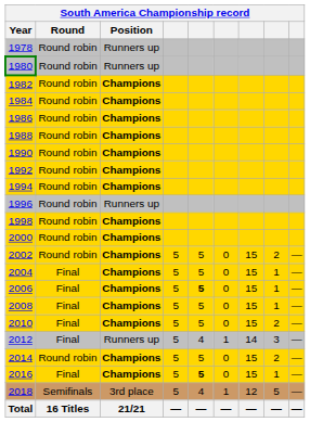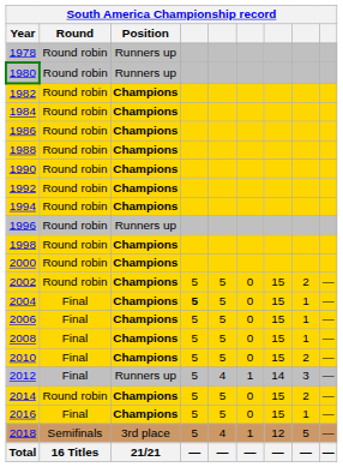 <table class="wikitable" style="text-align: center;">
 <tr>
 <th colspan=9><strong><a href='#'>South America Championship record</a></strong></th>
 </tr>
 <tr>
 <th><strong>Year</strong></th>
 <th><strong>Round</strong></th>
 <th><strong>Position</strong></th>
 <th width=30><strong></strong></th>
 <th width=30><strong></strong></th>
 <th width=30><strong></strong></th>
 <th width=30><strong></strong></th>
 <th width=30><strong></strong></th>
 <th><strong></strong></th>
 </tr>
 <tr bgcolor=silver>
 <td> <a href='#'>1978</a></td>
 <td>Round robin</td>
 <td>Runners up</td>
 <td></td>
 <td></td>
 <td></td>
 <td></td>
 <td></td>
 <td></td>
 </tr>
 <tr bgcolor=silver>
 <td Style="border:3px solid green"> <a href='#'>1980</a></td>
 <td>Round robin</td>
 <td>Runners up</td>
 <td></td>
 <td></td>
 <td></td>
 <td></td>
 <td></td>
 <td></td>
 </tr>
 <tr bgcolor=gold>
 <td> <a href='#'>1982</a></td>
 <td>Round robin</td>
 <td><strong>Champions</strong></td>
 <td></td>
 <td></td>
 <td></td>
 <td></td>
 <td></td>
 <td></td>
 </tr>
 <tr bgcolor=gold>
 <td> <a href='#'>1984</a></td>
 <td>Round robin</td>
 <td><strong>Champions</strong></td>
 <td></td>
 <td></td>
 <td></td>
 <td></td>
 <td></td>
 <td></td>
 </tr>
 <tr bgcolor=gold>
 <td> <a href='#'>1986</a></td>
 <td>Round robin</td>
 <td><strong>Champions</strong></td>
 <td></td>
 <td></td>
 <td></td>
 <td></td>
 <td></td>
 <td></td>
 </tr>
 <tr bgcolor=gold>
 <td> <a href='#'>1988</a></td>
 <td>Round robin</td>
 <td><strong>Champions</strong></td>
 <td></td>
 <td></td>
 <td></td>
 <td></td>
 <td></td>
 <td></td>
 </tr>
 <tr bgcolor=gold>
 <td> <a href='#'>1990</a></td>
 <td>Round robin</td>
 <td><strong>Champions</strong></td>
 <td></td>
 <td></td>
 <td></td>
 <td></td>
 <td></td>
 <td></td>
 </tr>
 <tr bgcolor=gold>
 <td> <a href='#'>1992</a></td>
 <td>Round robin</td>
 <td><strong>Champions</strong></td>
 <td></td>
 <td></td>
 <td></td>
 <td></td>
 <td></td>
 <td></td>
 </tr>
 <tr bgcolor=gold>
 <td> <a href='#'>1994</a></td>
 <td>Round robin</td>
 <td><strong>Champions</strong></td>
 <td></td>
 <td></td>
 <td></td>
 <td></td>
 <td></td>
 <td></td>
 </tr>
 <tr bgcolor=silver>
 <td> <a href='#'>1996</a></td>
 <td>Round robin</td>
 <td>Runners up</td>
 <td></td>
 <td></td>
 <td></td>
 <td></td>
 <td></td>
 <td></td>
 </tr>
 <tr bgcolor=gold>
 <td> <a href='#'>1998</a></td>
 <td>Round robin</td>
 <td><strong>Champions</strong></td>
 <td></td>
 <td></td>
 <td></td>
 <td></td>
 <td></td>
 <td></td>
 </tr>
 <tr bgcolor=gold>
 <td> <a href='#'>2000</a></td>
 <td>Round robin</td>
 <td><strong>Champions</strong></td>
 <td></td>
 <td></td>
 <td></td>
 <td></td>
 <td></td>
 <td></td>
 </tr>
 <tr bgcolor=gold>
 <td> <a href='#'>2002</a></td>
 <td>Round robin</td>
 <td><strong>Champions</strong></td>
 <td>5</td>
 <td>5</td>
 <td>0</td>
 <td>15</td>
 <td>2</td>
 <td>—</td>
 </tr>
 <tr bgcolor=gold>
 <td> <a href='#'>2004</a></td>
 <td>Final</td>
 <td><strong>Champions</strong></td>
-<td>5</td>
+<td><strong>5</strong></td>
 <td>5</td>
 <td>0</td>
 <td>15</td>
 <td>1</td>
 <td>—</td>
 </tr>
 <tr bgcolor=gold>
 <td> <a href='#'>2006</a></td>
 <td>Final</td>
 <td><strong>Champions</strong></td>
 <td>5</td>
-<td><strong>5</strong></td>
+<td>5</td>
 <td>0</td>
 <td>15</td>
 <td>1</td>
 <td>—</td>
 </tr>
 <tr bgcolor=gold>
 <td> <a href='#'>2008</a></td>
 <td>Final</td>
 <td><strong>Champions</strong></td>
 <td>5</td>
 <td>5</td>
 <td>0</td>
 <td>15</td>
 <td>1</td>
 <td>—</td>
 </tr>
 <tr bgcolor=gold>
 <td> <a href='#'>2010</a></td>
 <td>Final</td>
 <td><strong>Champions</strong></td>
 <td>5</td>
 <td>5</td>
 <td>0</td>
 <td>15</td>
 <td>2</td>
 <td>—</td>
 </tr>
 <tr bgcolor=silver>
 <td> <a href='#'>2012</a></td>
 <td>Final</td>
 <td>Runners up</td>
 <td>5</td>
 <td>4</td>
 <td>1</td>
 <td>14</td>
 <td>3</td>
 <td>—</td>
 </tr>
 <tr bgcolor=gold>
 <td> <a href='#'>2014</a></td>
 <td>Round robin</td>
 <td><strong>Champions</strong></td>
 <td>5</td>
 <td>5</td>
 <td>0</td>
 <td>15</td>
 <td>2</td>
 <td>—</td>
 </tr>
 <tr bgcolor=gold>
 <td> <a href='#'>2016</a></td>
 <td>Final</td>
 <td><strong>Champions</strong></td>
 <td>5</td>
-<td><strong>5</strong></td>
+<td>5</td>
 <td>0</td>
 <td>15</td>
 <td>1</td>
 <td>—</td>
 </tr>
 <tr bgcolor=cc9966>
 <td> <a href='#'>2018</a></td>
 <td>Semifinals</td>
 <td>3rd place</td>
 <td>5</td>
 <td>4</td>
 <td>1</td>
 <td>12</td>
 <td>5</td>
 <td>—</td>
 </tr>
 <tr>
 <th><strong>Total</strong></th>
 <th><strong>16 Titles</strong></th>
 <th><strong>21/21</strong></th>
 <th><strong>—</strong></th>
 <th><strong>—</strong></th>
 <th><strong>—</strong></th>
 <th><strong>—</strong></th>
 <th><strong>—</strong></th>
 <th><strong>—</strong></th>
 </tr>
 </table>
